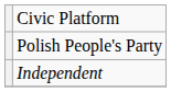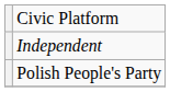 <table class="wikitable">
 <tr>
 <th style="background:"></th>
 <td>Civic Platform</td>
 </tr>
 <tr>
 <th style="background:"></th>
-<td>Polish People's Party</td>
+<td><em>Independent</em></td>
 </tr>
 <tr>
 <th style="background:"></th>
-<td><em>Independent</em></td>
+<td>Polish People's Party</td>
 </tr>
 <tr>
 </tr>
 </table>
